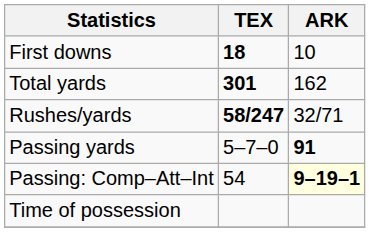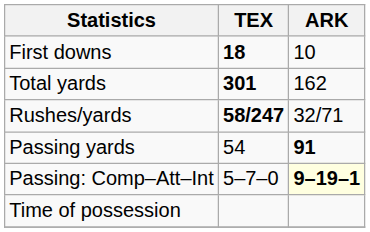 <table class="wikitable" style="float: left;">
 <tr>
 <th>Statistics</th>
 <th>TEX</th>
 <th>ARK</th>
 </tr>
 <tr>
 <td>First downs</td>
 <td><strong>18</strong></td>
 <td>10</td>
 </tr>
 <tr>
 <td>Total yards</td>
 <td><strong>301</strong></td>
 <td>162</td>
 </tr>
 <tr>
 <td>Rushes/yards</td>
 <td><strong>58/247</strong></td>
 <td>32/71</td>
 </tr>
 <tr>
 <td>Passing yards</td>
-<td>5–7–0</td>
+<td>54</td>
 <td><strong>91</strong></td>
 </tr>
 <tr>
 <td>Passing: Comp–Att–Int</td>
-<td>54</td>
+<td>5–7–0</td>
 <td style="background: lightyellow;"><strong>9–19–1</strong></td>
 </tr>
 <tr>
 <td>Time of possession</td>
 <td></td>
 <td></td>
 </tr>
 <tr>
 </tr>
 </table>
